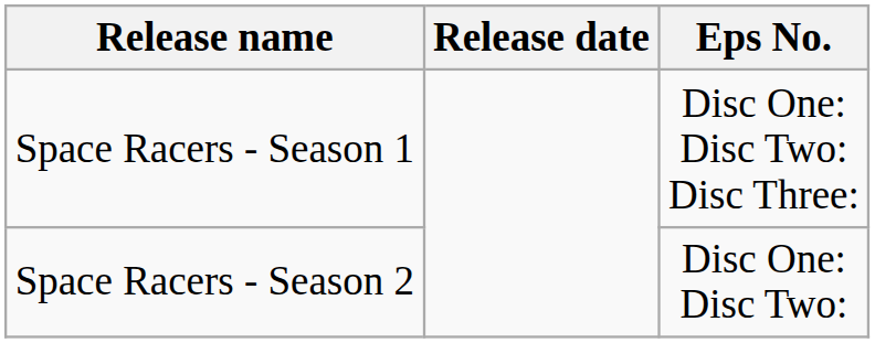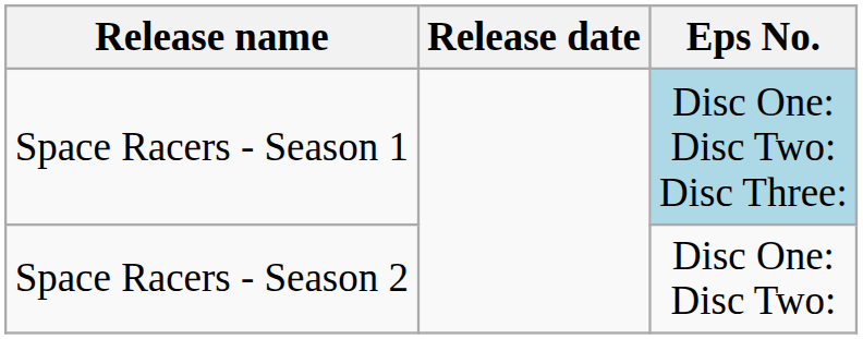 <table class="wikitable">
 <tr>
 <th>Release name</th>
 <th>Release date</th>
 <th>Eps No.</th>
 </tr>
 <tr>
 <td>Space Racers - Season 1</td>
 <td rowspan=2></td>
-<td style="text-align:center;">Disc One:<br>Disc Two:<br>Disc Three:</td>
+<td style="background: lightblue; text-align:center;">Disc One:<br>Disc Two:<br>Disc Three:</td>
 </tr>
 <tr>
 <td>Space Racers - Season 2</td>
 <td style="text-align:center;">Disc One:<br>Disc Two:</td>
 </tr>
 </table>
